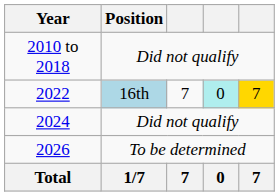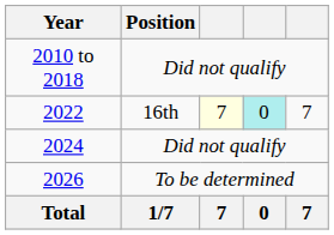 <table class="wikitable" style="text-align:center;font-size:95%;">
 <tr>
 <th width=80px>Year</th>
 <th>Position</th>
 <th width=25px></th>
 <th width=25px></th>
 <th width=25px></th>
 </tr>
 <tr>
 <td><a href='#'>2010</a> to <a href='#'>2018</a></td>
 <td colspan=4><em>Did not qualify</em></td>
 </tr>
 <tr>
 <td> <a href='#'>2022</a></td>
-<td style="background: lightblue;">16th</td>
+<td>16th</td>
+<td style="background: lightyellow;">7</td>
+<td style="background: paleturquoise;">0</td>
 <td>7</td>
-<td style="background: paleturquoise;">0</td>
-<td style="background: gold;">7</td>
 </tr>
 <tr>
 <td> <a href='#'>2024</a></td>
 <td colspan="4"><em>Did not qualify</em></td>
 </tr>
 <tr>
 <td> <a href='#'>2026</a></td>
 <td colspan="4"><em>To be determined</em></td>
 </tr>
 <tr>
 <th>Total</th>
 <th>1/7</th>
 <th>7</th>
 <th>0</th>
 <th>7</th>
 </tr>
 </table>
